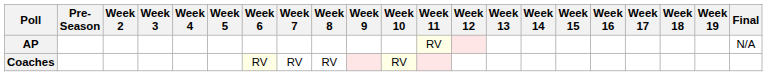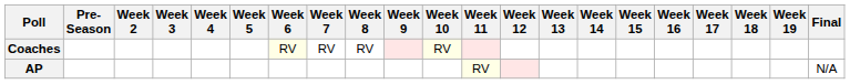 <table class="wikitable" style="white-space:nowrap;font-size:90%">
 <tr>
 <th>Poll</th>
 <th>Pre-<br>Season</th>
 <th>Week<br>2</th>
 <th>Week<br>3</th>
 <th>Week<br>4</th>
 <th>Week<br>5</th>
 <th>Week<br>6</th>
 <th>Week<br>7</th>
 <th>Week<br>8</th>
 <th>Week<br>9</th>
 <th>Week<br>10</th>
 <th>Week<br>11</th>
 <th>Week<br>12</th>
 <th>Week<br>13</th>
 <th>Week<br>14</th>
 <th>Week<br>15</th>
 <th>Week<br>16</th>
 <th>Week<br>17</th>
 <th>Week<br>18</th>
 <th>Week<br>19</th>
 <th>Final</th>
 </tr>
 <tr style="text-align:center;">
+<th>Coaches</th>
+<td style="background:#FFF;"></td>
+<td style="background:#FFF;"></td>
+<td style="background:#FFF;"></td>
+<td style="background:#FFF;"></td>
+<td style="background:#FFF;"></td>
+<td style="background:#FFFFE6;">RV</td>
+<td style="background:#FFF;">RV</td>
+<td style="background:#FFF;">RV</td>
+<td style="background:#FFE6E6;"></td>
+<td style="background:#FFFFE6;">RV</td>
+<td style="background:#FFE6E6;"></td>
+<td style="background:#FFF;"></td>
+<td style="background:#FFF;"></td>
+<td style="background:#FFF;"></td>
+<td style="background:#FFF;"></td>
+<td style="background:#FFF;"></td>
+<td style="background:#FFF;"></td>
+<td style="background:#FFF;"></td>
+<td style="background:#FFF;"></td>
+<td style="background:#FFF;"></td>
+</tr>
+<tr style="text-align:center;">
 <th>AP</th>
 <td style="background:#FFF;"></td>
 <td style="background:#FFF;"></td>
 <td style="background:#FFF;"></td>
 <td style="background:#FFF;"></td>
 <td style="background:#FFF;"></td>
 <td style="background:#FFF;"></td>
 <td style="background:#FFF;"></td>
 <td style="background:#FFF;"></td>
 <td style="background:#FFF;"></td>
 <td style="background:#FFF;"></td>
 <td style="background:#FFFFE6;">RV</td>
 <td style="background:#FFE6E6;"></td>
 <td style="background:#FFF;"></td>
 <td style="background:#FFF;"></td>
 <td style="background:#FFF;"></td>
 <td style="background:#FFF;"></td>
 <td style="background:#FFF;"></td>
 <td style="background:#FFF;"></td>
 <td style="background:#FFF;"></td>
 <td style="background:#FFF;">N/A</td>
 </tr>
-<tr style="text-align:center;">
-<th>Coaches</th>
-<td style="background:#FFF;"></td>
-<td style="background:#FFF;"></td>
-<td style="background:#FFF;"></td>
-<td style="background:#FFF;"></td>
-<td style="background:#FFF;"></td>
-<td style="background:#FFFFE6;">RV</td>
-<td style="background:#FFF;">RV</td>
-<td style="background:#FFF;">RV</td>
-<td style="background:#FFE6E6;"></td>
-<td style="background:#FFFFE6;">RV</td>
-<td style="background:#FFE6E6;"></td>
-<td style="background:#FFF;"></td>
-<td style="background:#FFF;"></td>
-<td style="background:#FFF;"></td>
-<td style="background:#FFF;"></td>
-<td style="background:#FFF;"></td>
-<td style="background:#FFF;"></td>
-<td style="background:#FFF;"></td>
-<td style="background:#FFF;"></td>
-<td style="background:#FFF;"></td>
-</tr>
 </table>
